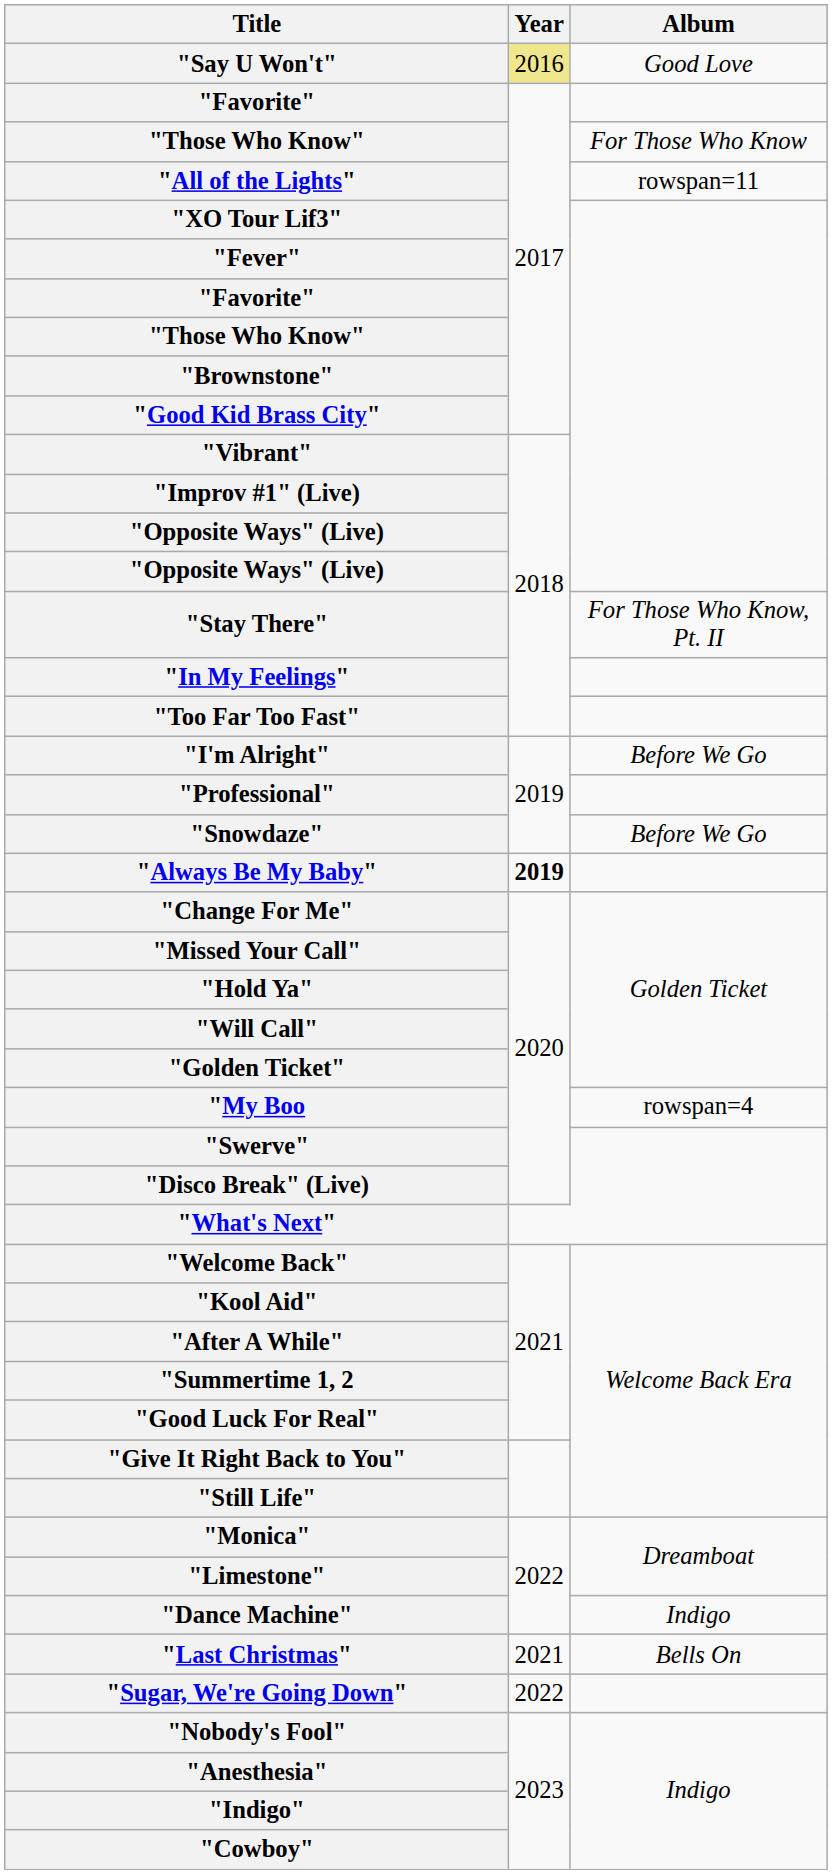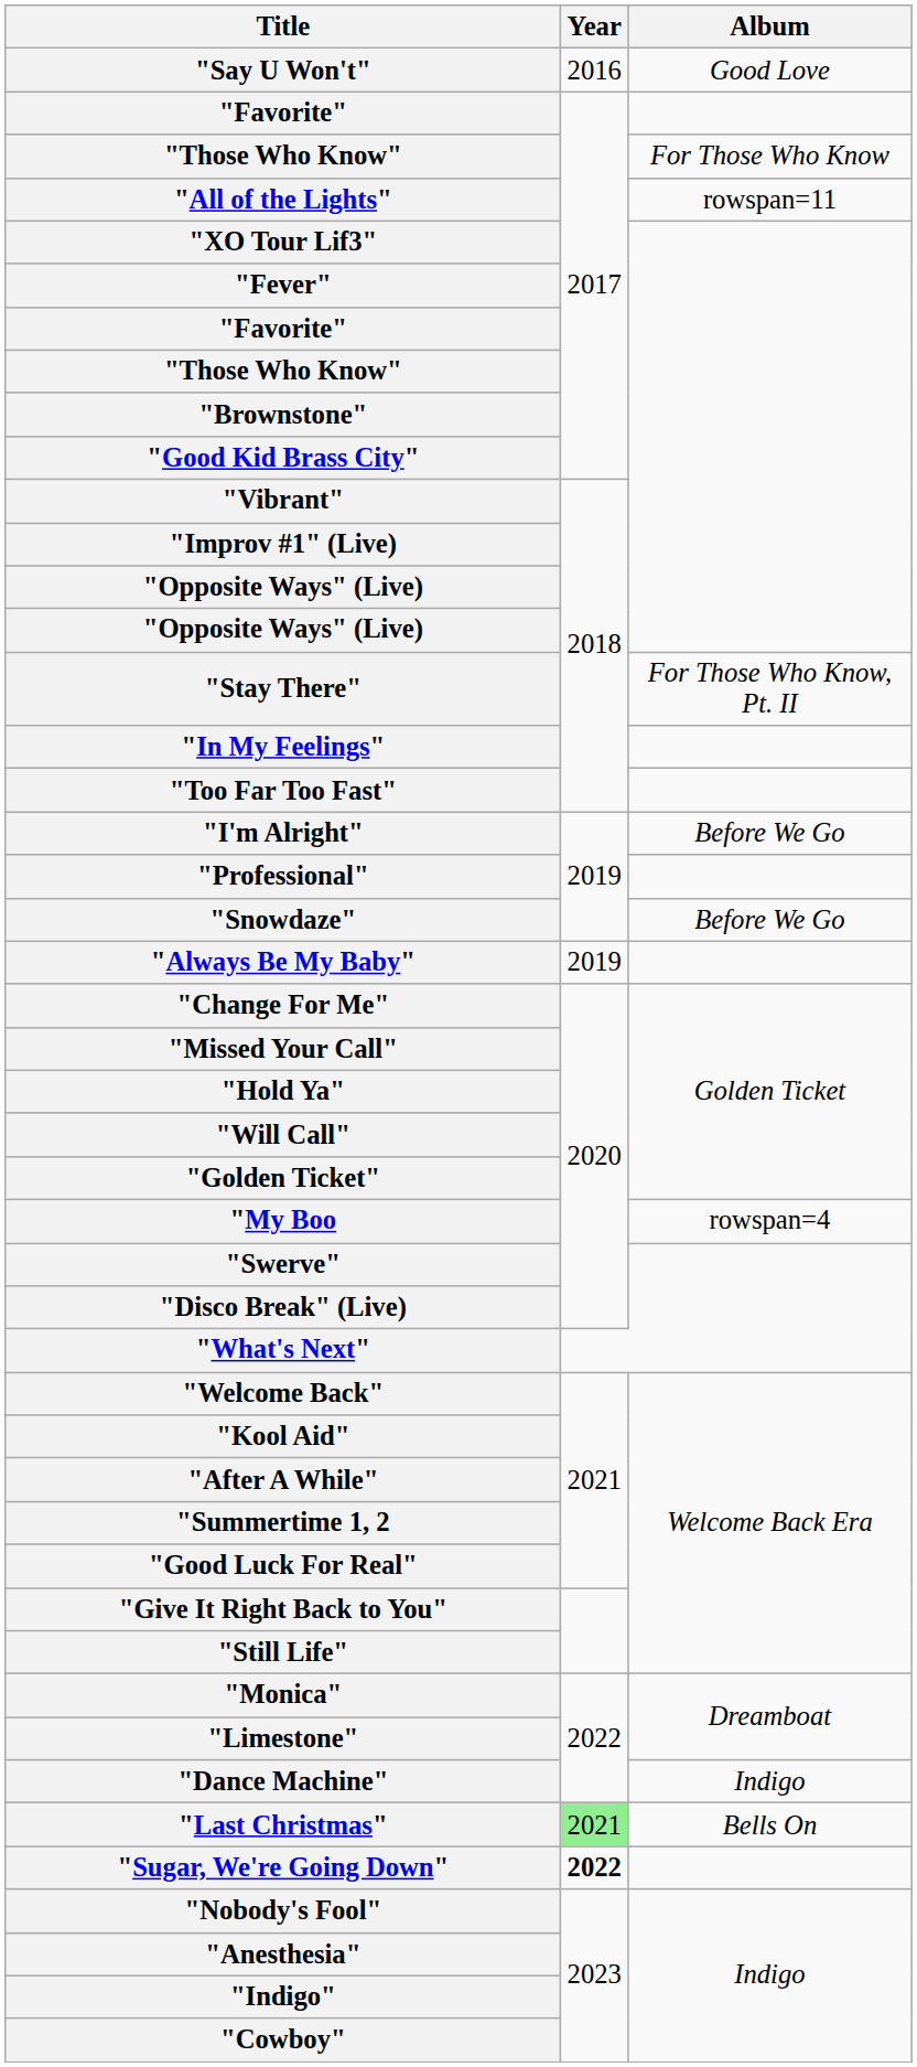 <table class="wikitable plainrowheaders" style="text-align:center;">
 <tr>
 <th style="width:20em;">Title</th>
 <th style="width:1em;">Year</th>
 <th style="width:10em;">Album</th>
 </tr>
 <tr>
 <th scope="row">"Say U Won't"</th>
-<td style="background: khaki;">2016</td>
+<td>2016</td>
 <td><em>Good Love</em></td>
 </tr>
 <tr>
 <th scope="row">"Favorite"</th>
 <td rowspan=9>2017</td>
 <td></td>
 </tr>
 <tr>
 <th scope="row">"Those Who Know"</th>
 <td><em>For Those Who Know</em></td>
 </tr>
 <tr>
 <th scope="row">"<a href='#'>All of the Lights</a>"<br> </th>
 <td>rowspan=11 </td>
 </tr>
 <tr>
 <th scope="row">"XO Tour Lif3"</th>
 </tr>
 <tr>
 <th scope="row">"Fever"</th>
 </tr>
 <tr>
 <th scope="row">"Favorite"<br> </th>
 </tr>
 <tr>
 <th scope="row">"Those Who Know"</th>
 </tr>
 <tr>
 <th scope="row">"Brownstone"<br> </th>
 </tr>
 <tr>
 <th scope="row">"<a href='#'>Good Kid Brass City</a>"</th>
 </tr>
 <tr>
 <th scope="row">"Vibrant"<br> </th>
 <td rowspan=7>2018</td>
 </tr>
 <tr>
 <th scope="row">"Improv #1" (Live)<br> </th>
 </tr>
 <tr>
 <th scope="row">"Opposite Ways" (Live)</th>
 </tr>
 <tr>
 <th scope="row">"Opposite Ways" (Live)<br> </th>
 </tr>
 <tr>
 <th scope="row">"Stay There"<br> </th>
 <td><em>For Those Who Know, Pt. II</em></td>
 </tr>
 <tr>
 <th scope="row">"<a href='#'>In My Feelings</a>"</th>
 <td></td>
 </tr>
 <tr>
 <th scope="row">"Too Far Too Fast"</th>
 </tr>
 <tr>
 <th scope="row">"I'm Alright"<br> </th>
 <td rowspan=3>2019</td>
 <td><em>Before We Go</em></td>
 </tr>
 <tr>
 <th scope="row">"Professional"<br> </th>
 </tr>
 <tr>
 <th scope="row">"Snowdaze"<br> </th>
 <td><em>Before We Go</em></td>
 </tr>
 <tr>
 <th scope="row">"<a href='#'>Always Be My Baby</a>"</th>
-<td><strong>2019</strong></td>
+<td>2019</td>
 <td></td>
 </tr>
 <tr>
 <th scope="row">"Change For Me"<br> </th>
 <td rowspan=8>2020</td>
 <td rowspan=5><em>Golden Ticket</em></td>
 </tr>
 <tr>
 <th scope="row">"Missed Your Call"<br> </th>
 </tr>
 <tr>
 <th scope="row">"Hold Ya"<br> </th>
 </tr>
 <tr>
 <th scope="row">"Will Call"<br> </th>
 </tr>
 <tr>
 <th scope="row">"Golden Ticket"<br> </th>
 </tr>
 <tr>
 <th scope="row">"<a href='#'>My Boo</a></th>
 <td>rowspan=4 </td>
 </tr>
 <tr>
 <th scope="row">"Swerve"<br> </th>
 </tr>
 <tr>
 <th scope="row">"Disco Break" (Live)<br> </th>
 </tr>
 <tr>
 <th scope="row">"<a href='#'>What's Next</a>"</th>
 </tr>
 <tr>
 <th scope="row">"Welcome Back"</th>
 <td rowspan=5>2021</td>
 <td rowspan=7><em>Welcome Back Era</em></td>
 </tr>
 <tr>
 <th scope="row">"Kool Aid"<br> </th>
 </tr>
 <tr>
 <th scope="row">"After A While"<br> </th>
 </tr>
 <tr>
 <th scope="row">"Summertime 1, 2<br> </th>
 </tr>
 <tr>
 <th scope="row">"Good Luck For Real" <br> </th>
 </tr>
 <tr>
 <th scope="row">"Give It Right Back to You" <br> </th>
 </tr>
 <tr>
 <th scope="row">"Still Life"<br> </th>
 </tr>
 <tr>
 <th scope="row">"Monica"<br> </th>
 <td rowspan=3>2022</td>
 <td rowspan=2><em>Dreamboat</em></td>
 </tr>
 <tr>
 <th scope="row">"Limestone"<br> </th>
 </tr>
 <tr>
 <th scope="row">"Dance Machine"<br> </th>
 <td><em>Indigo</em></td>
 </tr>
 <tr>
 <th scope="row">"<a href='#'>Last Christmas</a>"</th>
-<td>2021</td>
+<td style="background: lightgreen;">2021</td>
 <td><em>Bells On</em></td>
 </tr>
 <tr>
 <th scope="row">"<a href='#'>Sugar, We're Going Down</a>"</th>
-<td>2022</td>
+<td><strong>2022</strong></td>
 </tr>
 <tr>
 <th scope="row">"Nobody's Fool"<br> </th>
 <td rowspan=4>2023</td>
 <td rowspan=4><em>Indigo</em></td>
 </tr>
 <tr>
 <th scope="row">"Anesthesia"</th>
 </tr>
 <tr>
 <th scope="row">"Indigo"</th>
 </tr>
 <tr>
 <th scope="row">"Cowboy"</th>
 </tr>
 </table>
